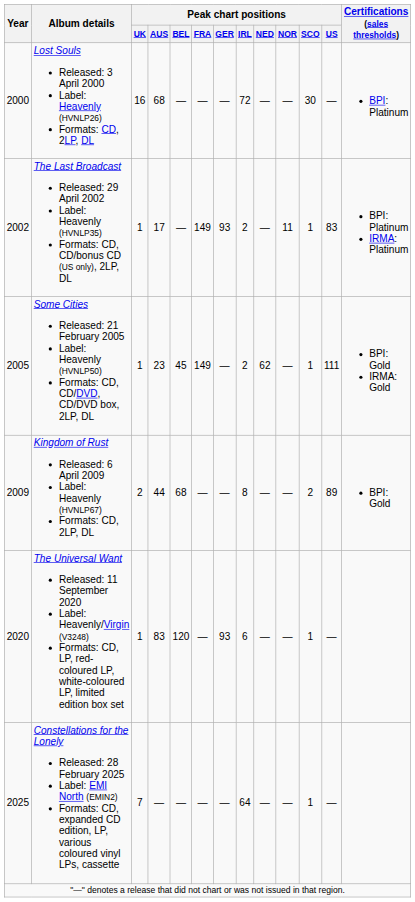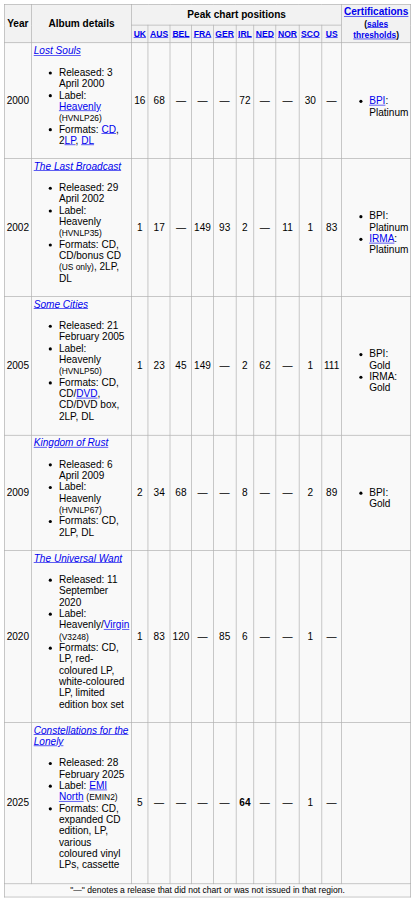 <table class="wikitable" border="1">
 <tr>
 <th rowspan="2">Year</th>
 <th rowspan="2" width="250">Album details</th>
 <th colspan="10">Peak chart positions</th>
 <th rowspan="2"><a href='#'>Certifications</a><br><small>(<a href='#'>sales thresholds</a>)</small></th>
 </tr>
 <tr>
 <th style="width:3em;font-size:85%"><a href='#'>UK</a><br></th>
 <th style="width:3em;font-size:85%"><a href='#'>AUS</a><br></th>
 <th style="width:3em;font-size:85%"><a href='#'>BEL</a><br></th>
 <th style="width:3em;font-size:85%"><a href='#'>FRA</a><br></th>
 <th style="width:3em;font-size:85%"><a href='#'>GER</a><br></th>
 <th style="width:3em;font-size:85%"><a href='#'>IRL</a><br></th>
 <th style="width:3em;font-size:85%"><a href='#'>NED</a><br></th>
 <th style="width:3em;font-size:85%"><a href='#'>NOR</a><br></th>
 <th style="width:3em;font-size:85%"><a href='#'>SCO</a><br></th>
 <th style="width:3em;font-size:85%"><a href='#'>US</a><br></th>
 </tr>
 <tr>
 <td>2000</td>
 <td><em><a href='#'>Lost Souls</a></em><br><ul><li>Released: 3 April 2000</li><li>Label: <a href='#'>Heavenly</a> <small>(HVNLP26)</small></li><li>Formats: <a href='#'>CD</a>, 2<a href='#'>LP</a>, <a href='#'>DL</a></li></ul></td>
 <td align="center">16</td>
 <td align="center">68</td>
 <td align="center">—</td>
 <td align="center">—</td>
 <td align="center">—</td>
 <td align="center">72</td>
 <td align="center">—</td>
 <td align="center">—</td>
 <td align="center">30</td>
 <td align="center">—</td>
 <td><br><ul><li><a href='#'>BPI</a>: Platinum</li></ul></td>
 </tr>
 <tr>
 <td>2002</td>
 <td><em><a href='#'>The Last Broadcast</a></em><br><ul><li>Released: 29 April 2002</li><li>Label: Heavenly <small>(HVNLP35)</small></li><li>Formats: CD, CD/bonus CD <small>(US only)</small>, 2LP, DL</li></ul></td>
 <td align="center">1</td>
 <td align="center">17</td>
 <td align="center">—</td>
 <td align="center">149</td>
 <td align="center">93</td>
 <td align="center">2</td>
 <td align="center">—</td>
 <td align="center">11</td>
 <td align="center">1</td>
 <td align="center">83</td>
 <td><br><ul><li>BPI: Platinum</li><li><a href='#'>IRMA</a>: Platinum</li></ul></td>
 </tr>
 <tr>
 <td>2005</td>
 <td><em><a href='#'>Some Cities</a></em><br><ul><li>Released: 21 February 2005</li><li>Label: Heavenly <small>(HVNLP50)</small></li><li>Formats: CD, CD/<a href='#'>DVD</a>, CD/DVD box, 2LP, DL</li></ul></td>
 <td align="center">1</td>
 <td align="center">23</td>
 <td align="center">45</td>
 <td align="center">149</td>
 <td align="center">—</td>
 <td align="center">2</td>
 <td align="center">62</td>
 <td align="center">—</td>
 <td align="center">1</td>
 <td align="center">111</td>
 <td><br><ul><li>BPI: Gold</li><li>IRMA: Gold</li></ul></td>
 </tr>
 <tr>
 <td>2009</td>
 <td><em><a href='#'>Kingdom of Rust</a></em><br><ul><li>Released: 6 April 2009</li><li>Label: Heavenly <small>(HVNLP67)</small></li><li>Formats: CD, 2LP, DL</li></ul></td>
 <td align="center">2</td>
-<td align="center">44</td>
+<td align="center">34</td>
 <td align="center">68</td>
 <td align="center">—</td>
 <td align="center">—</td>
 <td align="center">8</td>
 <td align="center">—</td>
 <td align="center">—</td>
 <td align="center">2</td>
 <td align="center">89</td>
 <td><br><ul><li>BPI: Gold</li></ul></td>
 </tr>
 <tr>
 <td>2020</td>
 <td><em><a href='#'>The Universal Want</a></em><br><ul><li>Released: 11 September 2020</li><li>Label: Heavenly/<a href='#'>Virgin</a> <small>(V3248)</small></li><li>Formats: CD, LP, red-coloured LP, white-coloured LP, limited edition box set</li></ul></td>
 <td align="center">1</td>
 <td align="center">83</td>
 <td align="center">120</td>
 <td align="center">—</td>
-<td align="center">93</td>
+<td align="center">85</td>
 <td align="center">6</td>
 <td align="center">—</td>
 <td align="center">—</td>
 <td align="center">1</td>
 <td align="center">—</td>
 <td></td>
 </tr>
 <tr>
 <td>2025</td>
 <td><em><a href='#'>Constellations for the Lonely</a></em><br><ul><li>Released: 28 February 2025</li><li>Label: <a href='#'>EMI North</a> <small>(EMIN2)</small></li><li>Formats: CD, expanded CD edition, LP, various coloured vinyl LPs, cassette</li></ul></td>
-<td align="center">7</td>
+<td align="center">5</td>
 <td align="center">—</td>
 <td align="center">—</td>
 <td align="center">—</td>
 <td align="center">—</td>
-<td align="center">64<br></td>
+<td align="center"><strong>64<br></strong></td>
 <td align="center">—</td>
 <td align="center">—</td>
 <td align="center">1</td>
 <td align="center">—</td>
 <td></td>
 </tr>
 <tr>
 <td align="center" colspan="18" style="font-size: 85%">"—" denotes a release that did not chart or was not issued in that region.</td>
 </tr>
 </table>
